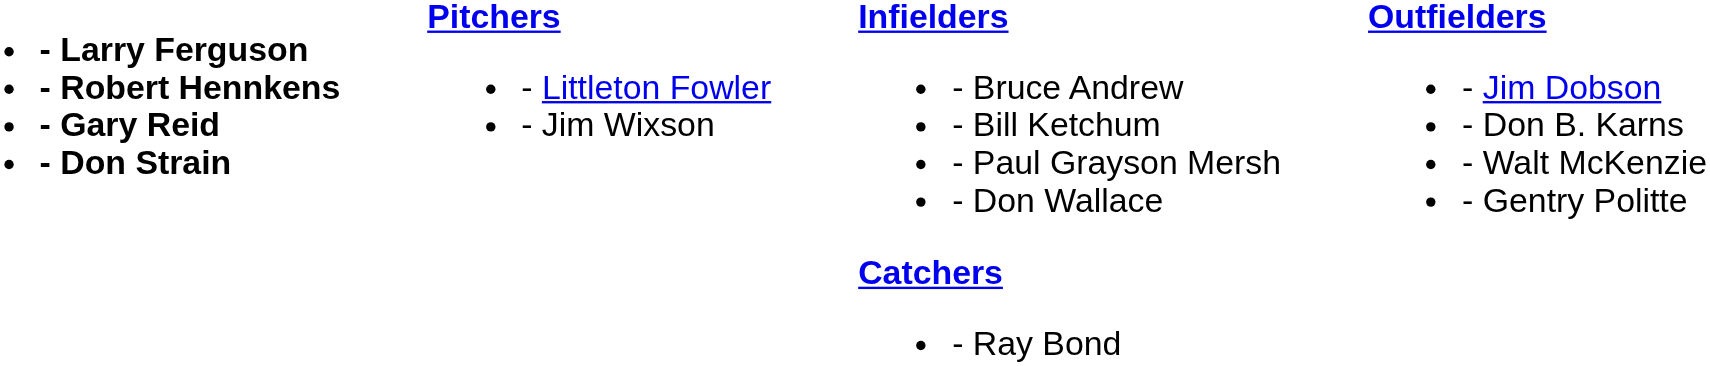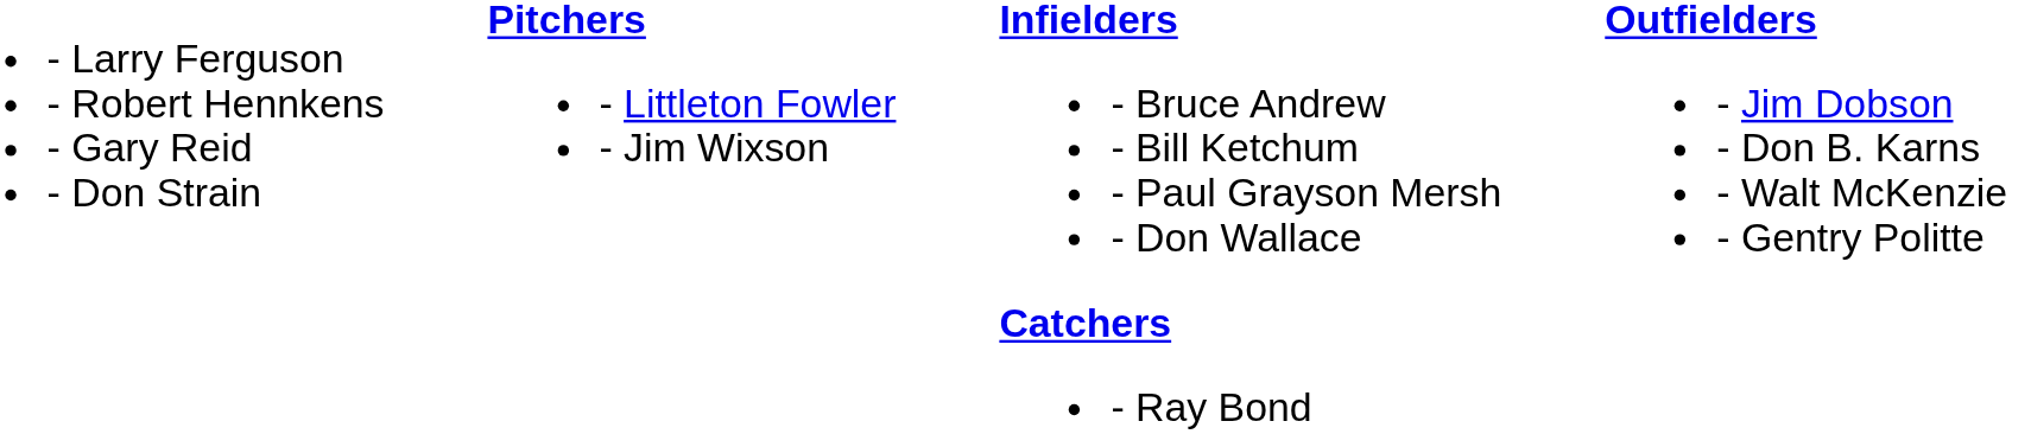 <table class="toccolours" style="border-collapse:collapse; font-size:90%;">
 <tr>
 <td colspan="15" style=></td>
 </tr>
 <tr>
 <td width="33"> </td>
-<td valign="top"><strong><br><ul><li>- Larry Ferguson</li><li>- Robert Hennkens</li><li>- Gary Reid</li><li>- Don Strain</li></ul></strong></td>
+<td valign="top"><br><ul><li>- Larry Ferguson</li><li>- Robert Hennkens</li><li>- Gary Reid</li><li>- Don Strain</li></ul></td>
 <td width="33"> </td>
 <td valign="top"><br><strong><a href='#'>Pitchers</a></strong><ul><li>- <a href='#'>Littleton Fowler</a></li><li>- Jim Wixson</li></ul></td>
 <td width="33"> </td>
 <td valign="top"><br><strong><a href='#'>Infielders</a></strong><ul><li>- Bruce Andrew</li><li>- Bill Ketchum</li><li>- Paul Grayson Mersh</li><li>- Don Wallace</li></ul><strong><a href='#'>Catchers</a></strong><ul><li>- Ray Bond</li></ul></td>
 <td width="33"> </td>
 <td valign="top"><br><strong><a href='#'>Outfielders</a></strong><ul><li>- <a href='#'>Jim Dobson</a></li><li>- Don B. Karns</li><li>- Walt McKenzie</li><li>- Gentry Politte</li></ul></td>
 </tr>
 <tr>
 <td></td>
 <td></td>
 <td></td>
 <td></td>
 <td></td>
 <td></td>
 <td></td>
 <td></td>
 </tr>
 </table>
